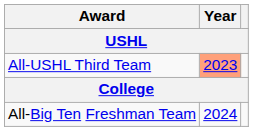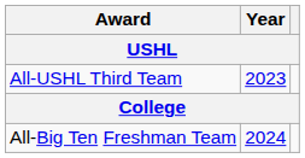 <table class="wikitable">
 <tr>
 <th>Award</th>
 <th>Year</th>
 <th></th>
 </tr>
 <tr>
 <th colspan="3"><a href='#'>USHL</a></th>
 </tr>
 <tr>
 <td><a href='#'>All-USHL Third Team</a></td>
-<td style="background: lightsalmon;"><a href='#'>2023</a></td>
+<td><a href='#'>2023</a></td>
 <td></td>
 </tr>
 <tr>
 <th colspan="3"><a href='#'>College</a></th>
 </tr>
 <tr>
 <td>All-<a href='#'>Big Ten</a> <a href='#'>Freshman Team</a></td>
 <td><a href='#'>2024</a></td>
 <td></td>
 </tr>
 </table>
